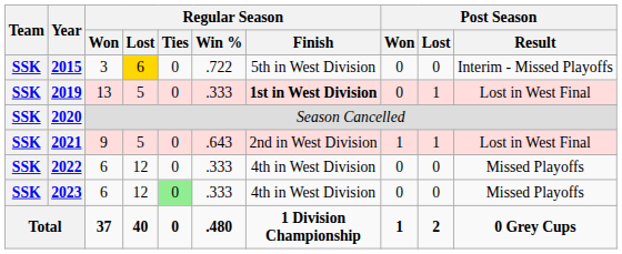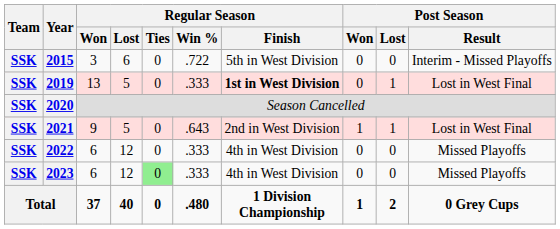 <table class="wikitable" style="font-size: 95%; text-align:center;">
 <tr>
 <th rowspan="2">Team</th>
 <th rowspan="2">Year</th>
 <th colspan="5">Regular Season</th>
 <th colspan="4">Post Season</th>
 </tr>
 <tr>
 <th>Won</th>
 <th>Lost</th>
 <th>Ties</th>
 <th>Win %</th>
 <th>Finish</th>
 <th>Won</th>
 <th>Lost</th>
 <th>Result</th>
 </tr>
 <tr>
 <th><a href='#'>SSK</a></th>
 <th><a href='#'>2015</a></th>
 <td>3</td>
-<td style="background: gold;">6</td>
+<td>6</td>
 <td>0</td>
 <td>.722</td>
 <td>5th in West Division</td>
 <td>0</td>
 <td>0</td>
 <td>Interim - Missed Playoffs</td>
 </tr>
 <tr ! style="background:#fdd;">
 <th><a href='#'>SSK</a></th>
 <th><a href='#'>2019</a></th>
 <td>13</td>
 <td>5</td>
 <td>0</td>
 <td>.333</td>
 <td><strong>1st in West Division</strong></td>
 <td>0</td>
 <td>1</td>
 <td>Lost in West Final</td>
 </tr>
 <tr ! style="background:#dddddd;">
 <th><a href='#'>SSK</a></th>
 <th><a href='#'>2020</a></th>
 <td align="center" colSpan="8"><em>Season Cancelled</em></td>
 </tr>
 <tr ! style="background:#fdd;">
 <th><a href='#'>SSK</a></th>
 <th><a href='#'>2021</a></th>
 <td>9</td>
 <td>5</td>
 <td>0</td>
 <td>.643</td>
 <td>2nd in West Division</td>
 <td>1</td>
 <td>1</td>
 <td>Lost in West Final</td>
 </tr>
 <tr>
 <th><a href='#'>SSK</a></th>
 <th><a href='#'>2022</a></th>
 <td>6</td>
 <td>12</td>
 <td>0</td>
 <td>.333</td>
 <td>4th in West Division</td>
 <td>0</td>
 <td>0</td>
 <td>Missed Playoffs</td>
 </tr>
 <tr>
 <th><a href='#'>SSK</a></th>
 <th><a href='#'>2023</a></th>
 <td>6</td>
 <td>12</td>
 <td style="background: lightgreen;">0</td>
 <td>.333</td>
 <td>4th in West Division</td>
 <td>0</td>
 <td>0</td>
 <td>Missed Playoffs</td>
 </tr>
 <tr>
 <th colspan="2"><strong>Total</strong></th>
 <td><strong>37</strong></td>
 <td><strong>40</strong></td>
 <td><strong>0</strong></td>
 <td><strong>.480</strong></td>
 <td><strong>1 Division<br>Championship</strong></td>
 <td><strong>1</strong></td>
 <td><strong>2</strong></td>
 <td><strong>0 Grey Cups</strong></td>
 </tr>
 </table>
